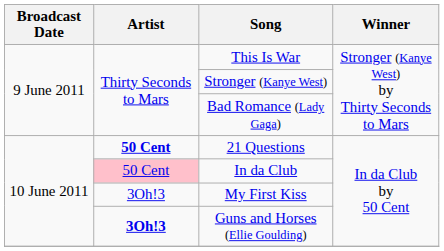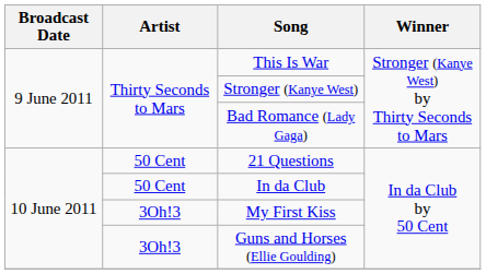 <table class="wikitable" style="text-align:center" width=75%>
 <tr>
 <th>Broadcast Date</th>
 <th>Artist</th>
 <th>Song</th>
 <th>Winner</th>
 </tr>
 <tr>
 <td rowspan="3">9 June 2011</td>
 <td rowspan="3"><a href='#'>Thirty Seconds to Mars</a></td>
 <td><a href='#'>This Is War</a></td>
 <td rowspan="3"><a href='#'>Stronger</a> <small>(<a href='#'>Kanye West</a>)</small><br>by<br><a href='#'>Thirty Seconds to Mars</a></td>
 </tr>
 <tr>
 <td><a href='#'>Stronger</a> <small>(<a href='#'>Kanye West</a>)</small></td>
 </tr>
 <tr>
 <td><a href='#'>Bad Romance</a> <small>(<a href='#'>Lady Gaga</a>)</small></td>
 </tr>
 <tr>
 <td rowspan="4">10 June 2011</td>
-<td><strong><a href='#'>50 Cent</a></strong></td>
+<td><a href='#'>50 Cent</a></td>
 <td><a href='#'>21 Questions</a></td>
 <td rowspan="4"><a href='#'>In da Club</a><br>by<br><a href='#'>50 Cent</a></td>
 </tr>
 <tr>
-<td style="background: pink;"><a href='#'>50 Cent</a></td>
+<td><a href='#'>50 Cent</a></td>
 <td><a href='#'>In da Club</a></td>
 </tr>
 <tr>
 <td><a href='#'>3Oh!3</a></td>
 <td><a href='#'>My First Kiss</a></td>
 </tr>
 <tr>
-<td><strong><a href='#'>3Oh!3</a></strong></td>
+<td><a href='#'>3Oh!3</a></td>
 <td><a href='#'>Guns and Horses</a> <small>(<a href='#'>Ellie Goulding</a>)</small></td>
 </tr>
 <tr>
 </tr>
 </table>
